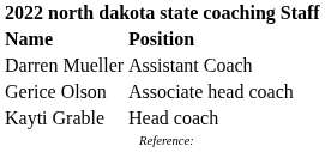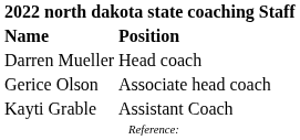 <table class="toccolours" style="text-align: left; font-size:90;">
 <tr>
 <th colspan="9">2022 north dakota state coaching Staff</th>
 </tr>
 <tr>
 <th>Name</th>
 <th>Position</th>
 </tr>
 <tr>
 <td>Darren Mueller</td>
-<td>Assistant Coach</td>
+<td>Head coach</td>
 </tr>
 <tr>
 <td>Gerice Olson</td>
 <td>Associate head coach</td>
 </tr>
 <tr>
 <td>Kayti Grable</td>
-<td>Head coach</td>
+<td>Assistant Coach</td>
 <td width="25"> </td>
 </tr>
 <tr>
 <td colspan="4" style="font-size:8pt; text-align:center;"><em>Reference:</em></td>
 </tr>
 </table>
